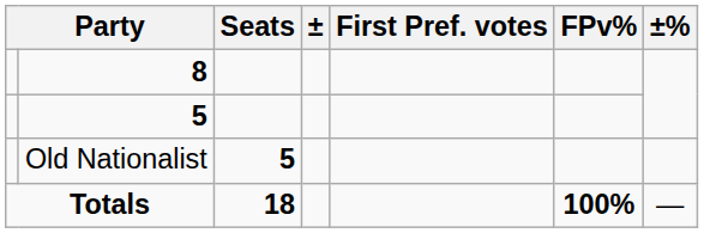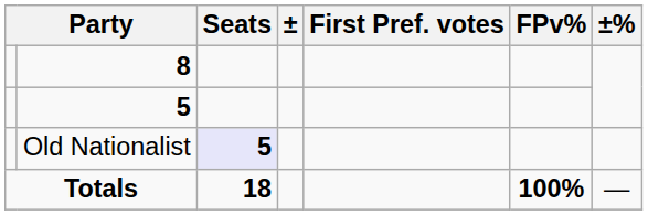 <table class=wikitable>
 <tr>
 <th colspan=2 align=center>Party</th>
 <th valign=top>Seats</th>
 <th valign=top>±</th>
 <th valign=top>First Pref. votes</th>
 <th valign=top>FPv%</th>
 <th valign=top>±%</th>
 </tr>
 <tr>
 <td></td>
 <td align=right><strong>8</strong></td>
 <td align=right></td>
 <td align=right></td>
 <td align=right></td>
 <td align=right></td>
 </tr>
 <tr>
 <td></td>
 <td align=right><strong>5</strong></td>
 <td align=right></td>
 <td align=right></td>
 <td align=right></td>
 <td align=right></td>
 </tr>
 <tr>
 <td></td>
 <td>Old Nationalist</td>
-<td align=right><strong>5</strong></td>
+<td align=right style="background: lavender;"><strong>5</strong></td>
 <td align=right></td>
 <td align=right></td>
 <td align=right></td>
 <td align=right></td>
 </tr>
 <tr>
 <td colspan=2 align=center><strong>Totals</strong></td>
 <td align=right><strong>18</strong></td>
 <td align=center></td>
 <td align=right></td>
 <td align=center><strong>100%</strong></td>
 <td align=center>—</td>
 </tr>
 </table>
